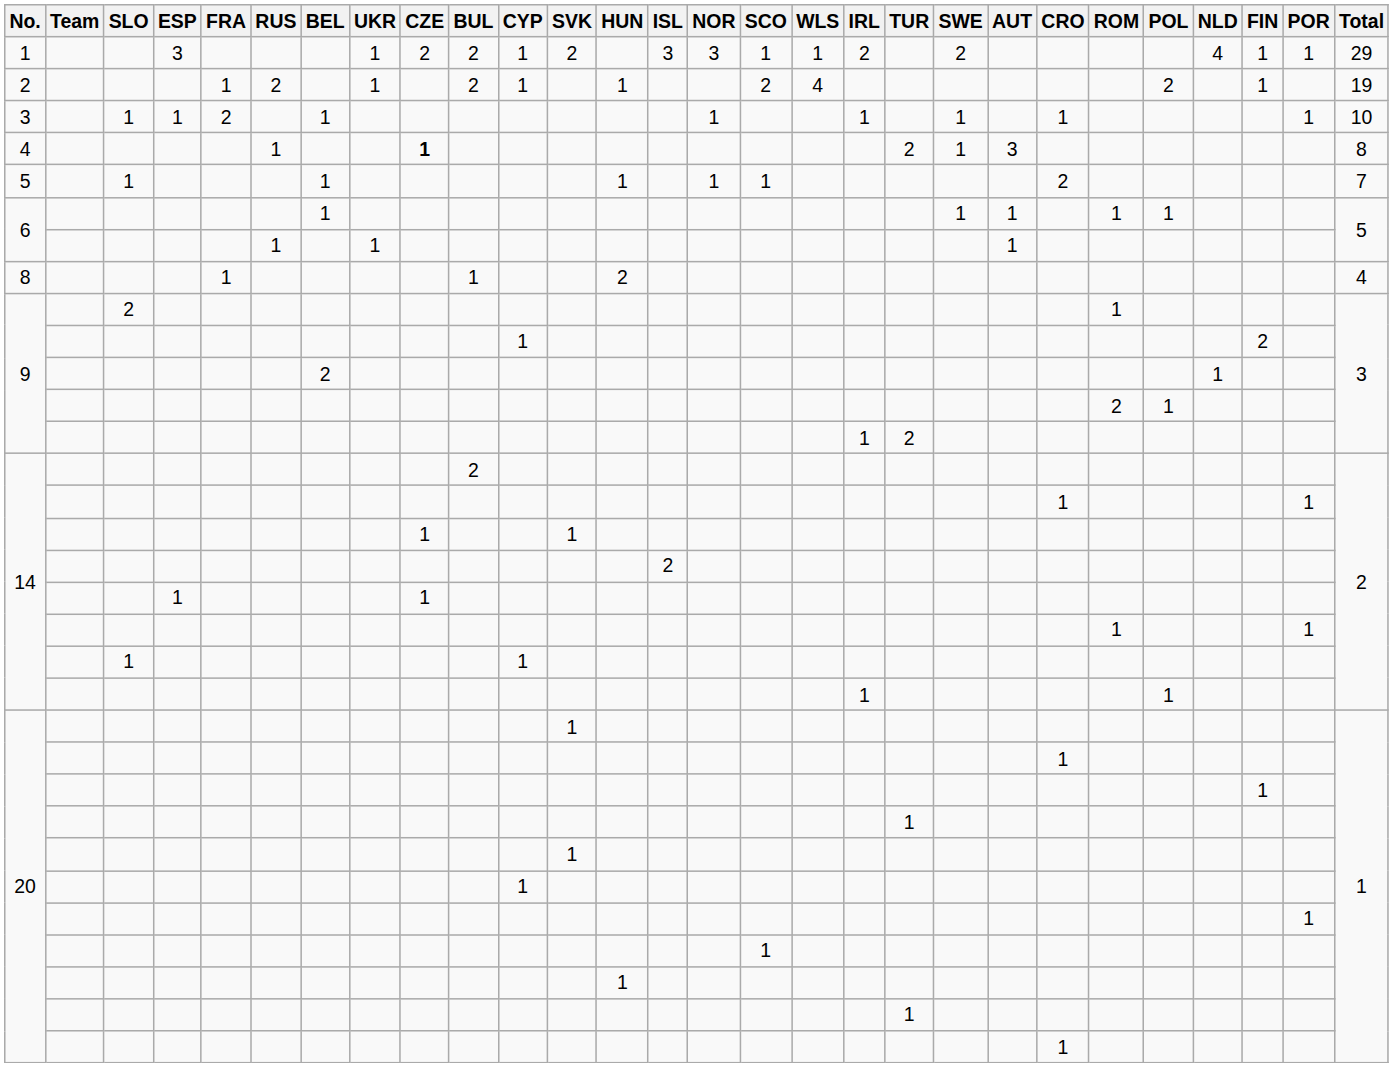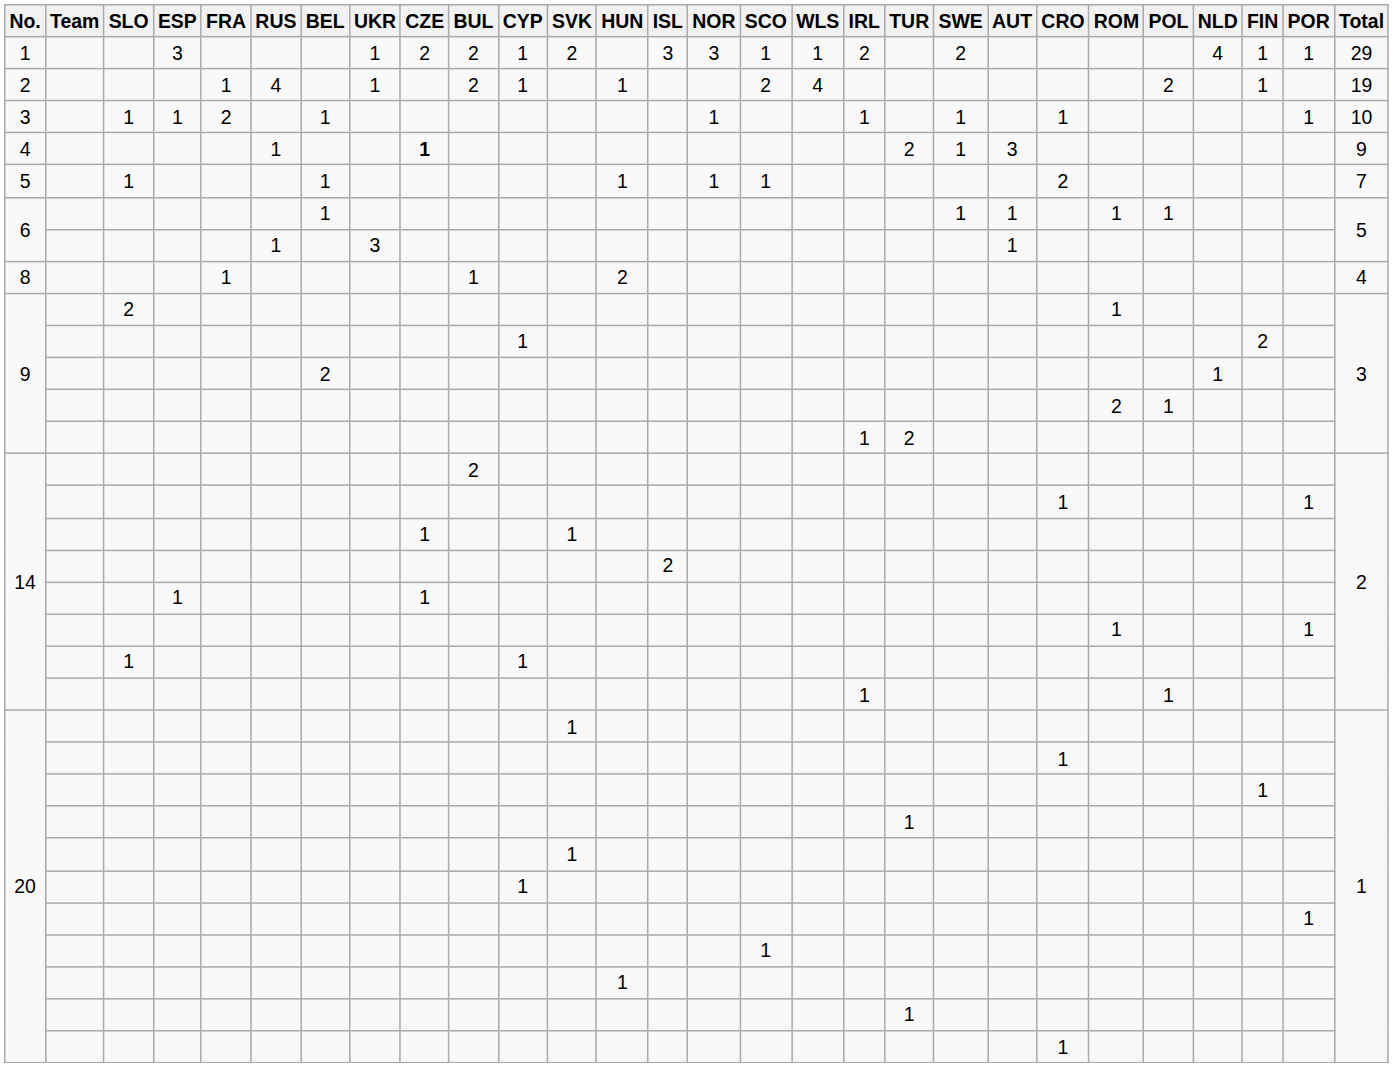 <table class=wikitable style="font-size:80%; text-align:center">
 <tr>
 <th>No.</th>
 <th>Team</th>
 <th>SLO</th>
 <th>ESP</th>
 <th>FRA</th>
 <th>RUS</th>
 <th>BEL</th>
 <th>UKR</th>
 <th>CZE</th>
 <th>BUL</th>
 <th>CYP</th>
 <th>SVK</th>
 <th>HUN</th>
 <th>ISL</th>
 <th>NOR</th>
 <th>SCO</th>
 <th>WLS</th>
 <th>IRL</th>
 <th>TUR</th>
 <th>SWE</th>
 <th>AUT</th>
 <th>CRO</th>
 <th>ROM</th>
 <th>POL</th>
 <th>NLD</th>
 <th>FIN</th>
 <th>POR</th>
 <th>Total</th>
 </tr>
 <tr>
 <td>1</td>
 <td align=left></td>
 <td></td>
 <td>3</td>
 <td></td>
 <td></td>
 <td></td>
 <td>1</td>
 <td>2</td>
 <td>2</td>
 <td>1</td>
 <td>2</td>
 <td></td>
 <td>3</td>
 <td>3</td>
 <td>1</td>
 <td>1</td>
 <td>2</td>
 <td></td>
 <td>2</td>
 <td></td>
 <td></td>
 <td></td>
 <td></td>
 <td>4</td>
 <td>1</td>
 <td>1</td>
 <td>29</td>
 </tr>
 <tr>
 <td>2</td>
 <td align=left></td>
 <td></td>
 <td></td>
 <td>1</td>
-<td>2</td>
+<td>4</td>
 <td></td>
 <td>1</td>
 <td></td>
 <td>2</td>
 <td>1</td>
 <td></td>
 <td>1</td>
 <td></td>
 <td></td>
 <td>2</td>
 <td>4</td>
 <td></td>
 <td></td>
 <td></td>
 <td></td>
 <td></td>
 <td></td>
 <td>2</td>
 <td></td>
 <td>1</td>
 <td></td>
 <td>19</td>
 </tr>
 <tr>
 <td>3</td>
 <td align=left></td>
 <td>1</td>
 <td>1</td>
 <td>2</td>
 <td></td>
 <td>1</td>
 <td></td>
 <td></td>
 <td></td>
 <td></td>
 <td></td>
 <td></td>
 <td></td>
 <td>1</td>
 <td></td>
 <td></td>
 <td>1</td>
 <td></td>
 <td>1</td>
 <td></td>
 <td>1</td>
 <td></td>
 <td></td>
 <td></td>
 <td></td>
 <td>1</td>
 <td>10</td>
 </tr>
 <tr>
 <td>4</td>
 <td align=left></td>
 <td></td>
 <td></td>
 <td></td>
 <td>1</td>
 <td></td>
 <td></td>
 <td><strong>1</strong></td>
 <td></td>
 <td></td>
 <td></td>
 <td></td>
 <td></td>
 <td></td>
 <td></td>
 <td></td>
 <td></td>
 <td>2</td>
 <td>1</td>
 <td>3</td>
 <td></td>
 <td></td>
 <td></td>
 <td></td>
 <td></td>
 <td></td>
-<td>8</td>
+<td>9</td>
 </tr>
 <tr>
 <td>5</td>
 <td align=left></td>
 <td>1</td>
 <td></td>
 <td></td>
 <td></td>
 <td>1</td>
 <td></td>
 <td></td>
 <td></td>
 <td></td>
 <td></td>
 <td>1</td>
 <td></td>
 <td>1</td>
 <td>1</td>
 <td></td>
 <td></td>
 <td></td>
 <td></td>
 <td></td>
 <td>2</td>
 <td></td>
 <td></td>
 <td></td>
 <td></td>
 <td></td>
 <td>7</td>
 </tr>
 <tr>
 <td rowspan=2>6</td>
 <td align=left></td>
 <td></td>
 <td></td>
 <td></td>
 <td></td>
 <td>1</td>
 <td></td>
 <td></td>
 <td></td>
 <td></td>
 <td></td>
 <td></td>
 <td></td>
 <td></td>
 <td></td>
 <td></td>
 <td></td>
 <td></td>
 <td>1</td>
 <td>1</td>
 <td></td>
 <td>1</td>
 <td>1</td>
 <td></td>
 <td></td>
 <td></td>
 <td rowspan=2>5</td>
 </tr>
 <tr>
 <td align=left></td>
 <td></td>
 <td></td>
 <td></td>
 <td>1</td>
 <td></td>
-<td>1</td>
+<td>3</td>
 <td></td>
 <td></td>
 <td></td>
 <td></td>
 <td></td>
 <td></td>
 <td></td>
 <td></td>
 <td></td>
 <td></td>
 <td></td>
 <td></td>
 <td>1</td>
 <td></td>
 <td></td>
 <td></td>
 <td></td>
 <td></td>
 <td></td>
 </tr>
 <tr>
 <td>8</td>
 <td align=left></td>
 <td></td>
 <td></td>
 <td>1</td>
 <td></td>
 <td></td>
 <td></td>
 <td></td>
 <td>1</td>
 <td></td>
 <td></td>
 <td>2</td>
 <td></td>
 <td></td>
 <td></td>
 <td></td>
 <td></td>
 <td></td>
 <td></td>
 <td></td>
 <td></td>
 <td></td>
 <td></td>
 <td></td>
 <td></td>
 <td></td>
 <td>4</td>
 </tr>
 <tr>
 <td rowspan=5>9</td>
 <td align=left></td>
 <td>2</td>
 <td></td>
 <td></td>
 <td></td>
 <td></td>
 <td></td>
 <td></td>
 <td></td>
 <td></td>
 <td></td>
 <td></td>
 <td></td>
 <td></td>
 <td></td>
 <td></td>
 <td></td>
 <td></td>
 <td></td>
 <td></td>
 <td></td>
 <td>1</td>
 <td></td>
 <td></td>
 <td></td>
 <td></td>
 <td rowspan=5>3</td>
 </tr>
 <tr>
 <td align=left></td>
 <td></td>
 <td></td>
 <td></td>
 <td></td>
 <td></td>
 <td></td>
 <td></td>
 <td></td>
 <td>1</td>
 <td></td>
 <td></td>
 <td></td>
 <td></td>
 <td></td>
 <td></td>
 <td></td>
 <td></td>
 <td></td>
 <td></td>
 <td></td>
 <td></td>
 <td></td>
 <td></td>
 <td>2</td>
 <td></td>
 </tr>
 <tr>
 <td align=left></td>
 <td></td>
 <td></td>
 <td></td>
 <td></td>
 <td>2</td>
 <td></td>
 <td></td>
 <td></td>
 <td></td>
 <td></td>
 <td></td>
 <td></td>
 <td></td>
 <td></td>
 <td></td>
 <td></td>
 <td></td>
 <td></td>
 <td></td>
 <td></td>
 <td></td>
 <td></td>
 <td>1</td>
 <td></td>
 <td></td>
 </tr>
 <tr>
 <td align=left></td>
 <td></td>
 <td></td>
 <td></td>
 <td></td>
 <td></td>
 <td></td>
 <td></td>
 <td></td>
 <td></td>
 <td></td>
 <td></td>
 <td></td>
 <td></td>
 <td></td>
 <td></td>
 <td></td>
 <td></td>
 <td></td>
 <td></td>
 <td></td>
 <td>2</td>
 <td>1</td>
 <td></td>
 <td></td>
 <td></td>
 </tr>
 <tr>
 <td align=left></td>
 <td></td>
 <td></td>
 <td></td>
 <td></td>
 <td></td>
 <td></td>
 <td></td>
 <td></td>
 <td></td>
 <td></td>
 <td></td>
 <td></td>
 <td></td>
 <td></td>
 <td></td>
 <td>1</td>
 <td>2</td>
 <td></td>
 <td></td>
 <td></td>
 <td></td>
 <td></td>
 <td></td>
 <td></td>
 <td></td>
 </tr>
 <tr>
 <td rowspan=8>14</td>
 <td align=left></td>
 <td></td>
 <td></td>
 <td></td>
 <td></td>
 <td></td>
 <td></td>
 <td></td>
 <td>2</td>
 <td></td>
 <td></td>
 <td></td>
 <td></td>
 <td></td>
 <td></td>
 <td></td>
 <td></td>
 <td></td>
 <td></td>
 <td></td>
 <td></td>
 <td></td>
 <td></td>
 <td></td>
 <td></td>
 <td></td>
 <td rowspan=8>2</td>
 </tr>
 <tr>
 <td align=left></td>
 <td></td>
 <td></td>
 <td></td>
 <td></td>
 <td></td>
 <td></td>
 <td></td>
 <td></td>
 <td></td>
 <td></td>
 <td></td>
 <td></td>
 <td></td>
 <td></td>
 <td></td>
 <td></td>
 <td></td>
 <td></td>
 <td></td>
 <td>1</td>
 <td></td>
 <td></td>
 <td></td>
 <td></td>
 <td>1</td>
 </tr>
 <tr>
 <td align=left></td>
 <td></td>
 <td></td>
 <td></td>
 <td></td>
 <td></td>
 <td></td>
 <td>1</td>
 <td></td>
 <td></td>
 <td>1</td>
 <td></td>
 <td></td>
 <td></td>
 <td></td>
 <td></td>
 <td></td>
 <td></td>
 <td></td>
 <td></td>
 <td></td>
 <td></td>
 <td></td>
 <td></td>
 <td></td>
 <td></td>
 </tr>
 <tr>
 <td align=left></td>
 <td></td>
 <td></td>
 <td></td>
 <td></td>
 <td></td>
 <td></td>
 <td></td>
 <td></td>
 <td></td>
 <td></td>
 <td></td>
 <td>2</td>
 <td></td>
 <td></td>
 <td></td>
 <td></td>
 <td></td>
 <td></td>
 <td></td>
 <td></td>
 <td></td>
 <td></td>
 <td></td>
 <td></td>
 <td></td>
 </tr>
 <tr>
 <td align=left></td>
 <td></td>
 <td>1</td>
 <td></td>
 <td></td>
 <td></td>
 <td></td>
 <td>1</td>
 <td></td>
 <td></td>
 <td></td>
 <td></td>
 <td></td>
 <td></td>
 <td></td>
 <td></td>
 <td></td>
 <td></td>
 <td></td>
 <td></td>
 <td></td>
 <td></td>
 <td></td>
 <td></td>
 <td></td>
 <td></td>
 </tr>
 <tr>
 <td align=left></td>
 <td></td>
 <td></td>
 <td></td>
 <td></td>
 <td></td>
 <td></td>
 <td></td>
 <td></td>
 <td></td>
 <td></td>
 <td></td>
 <td></td>
 <td></td>
 <td></td>
 <td></td>
 <td></td>
 <td></td>
 <td></td>
 <td></td>
 <td></td>
 <td>1</td>
 <td></td>
 <td></td>
 <td></td>
 <td>1</td>
 </tr>
 <tr>
 <td align=left></td>
 <td>1</td>
 <td></td>
 <td></td>
 <td></td>
 <td></td>
 <td></td>
 <td></td>
 <td></td>
 <td>1</td>
 <td></td>
 <td></td>
 <td></td>
 <td></td>
 <td></td>
 <td></td>
 <td></td>
 <td></td>
 <td></td>
 <td></td>
 <td></td>
 <td></td>
 <td></td>
 <td></td>
 <td></td>
 <td></td>
 </tr>
 <tr>
 <td align=left></td>
 <td></td>
 <td></td>
 <td></td>
 <td></td>
 <td></td>
 <td></td>
 <td></td>
 <td></td>
 <td></td>
 <td></td>
 <td></td>
 <td></td>
 <td></td>
 <td></td>
 <td></td>
 <td>1</td>
 <td></td>
 <td></td>
 <td></td>
 <td></td>
 <td></td>
 <td>1</td>
 <td></td>
 <td></td>
 <td></td>
 </tr>
 <tr>
 <td rowspan=11>20</td>
 <td align=left></td>
 <td></td>
 <td></td>
 <td></td>
 <td></td>
 <td></td>
 <td></td>
 <td></td>
 <td></td>
 <td></td>
 <td>1</td>
 <td></td>
 <td></td>
 <td></td>
 <td></td>
 <td></td>
 <td></td>
 <td></td>
 <td></td>
 <td></td>
 <td></td>
 <td></td>
 <td></td>
 <td></td>
 <td></td>
 <td></td>
 <td rowspan=11>1</td>
 </tr>
 <tr>
 <td align=left></td>
 <td></td>
 <td></td>
 <td></td>
 <td></td>
 <td></td>
 <td></td>
 <td></td>
 <td></td>
 <td></td>
 <td></td>
 <td></td>
 <td></td>
 <td></td>
 <td></td>
 <td></td>
 <td></td>
 <td></td>
 <td></td>
 <td></td>
 <td>1</td>
 <td></td>
 <td></td>
 <td></td>
 <td></td>
 </tr>
 <tr>
 <td align=left></td>
 <td></td>
 <td></td>
 <td></td>
 <td></td>
 <td></td>
 <td></td>
 <td></td>
 <td></td>
 <td></td>
 <td></td>
 <td></td>
 <td></td>
 <td></td>
 <td></td>
 <td></td>
 <td></td>
 <td></td>
 <td></td>
 <td></td>
 <td></td>
 <td></td>
 <td></td>
 <td></td>
 <td>1</td>
 <td></td>
 </tr>
 <tr>
 <td align=left></td>
 <td></td>
 <td></td>
 <td></td>
 <td></td>
 <td></td>
 <td></td>
 <td></td>
 <td></td>
 <td></td>
 <td></td>
 <td></td>
 <td></td>
 <td></td>
 <td></td>
 <td></td>
 <td></td>
 <td>1</td>
 <td></td>
 <td></td>
 <td></td>
 <td></td>
 <td></td>
 <td></td>
 <td></td>
 </tr>
 <tr>
 <td align=left></td>
 <td></td>
 <td></td>
 <td></td>
 <td></td>
 <td></td>
 <td></td>
 <td></td>
 <td></td>
 <td></td>
 <td>1</td>
 <td></td>
 <td></td>
 <td></td>
 <td></td>
 <td></td>
 <td></td>
 <td></td>
 <td></td>
 <td></td>
 <td></td>
 <td></td>
 <td></td>
 <td></td>
 <td></td>
 <td></td>
 </tr>
 <tr>
 <td align=left></td>
 <td></td>
 <td></td>
 <td></td>
 <td></td>
 <td></td>
 <td></td>
 <td></td>
 <td></td>
 <td>1</td>
 <td></td>
 <td></td>
 <td></td>
 <td></td>
 <td></td>
 <td></td>
 <td></td>
 <td></td>
 <td></td>
 <td></td>
 <td></td>
 <td></td>
 <td></td>
 <td></td>
 <td></td>
 <td></td>
 </tr>
 <tr>
 <td align=left></td>
 <td></td>
 <td></td>
 <td></td>
 <td></td>
 <td></td>
 <td></td>
 <td></td>
 <td></td>
 <td></td>
 <td></td>
 <td></td>
 <td></td>
 <td></td>
 <td></td>
 <td></td>
 <td></td>
 <td></td>
 <td></td>
 <td></td>
 <td></td>
 <td></td>
 <td></td>
 <td></td>
 <td></td>
 <td>1</td>
 </tr>
 <tr>
 <td align=left></td>
 <td></td>
 <td></td>
 <td></td>
 <td></td>
 <td></td>
 <td></td>
 <td></td>
 <td></td>
 <td></td>
 <td></td>
 <td></td>
 <td></td>
 <td></td>
 <td>1</td>
 <td></td>
 <td></td>
 <td></td>
 <td></td>
 <td></td>
 <td></td>
 <td></td>
 <td></td>
 <td></td>
 <td></td>
 <td></td>
 </tr>
 <tr>
 <td align=left></td>
 <td></td>
 <td></td>
 <td></td>
 <td></td>
 <td></td>
 <td></td>
 <td></td>
 <td></td>
 <td></td>
 <td></td>
 <td>1</td>
 <td></td>
 <td></td>
 <td></td>
 <td></td>
 <td></td>
 <td></td>
 <td></td>
 <td></td>
 <td></td>
 <td></td>
 <td></td>
 <td></td>
 <td></td>
 <td></td>
 </tr>
 <tr>
 <td align=left></td>
 <td></td>
 <td></td>
 <td></td>
 <td></td>
 <td></td>
 <td></td>
 <td></td>
 <td></td>
 <td></td>
 <td></td>
 <td></td>
 <td></td>
 <td></td>
 <td></td>
 <td></td>
 <td></td>
 <td>1</td>
 <td></td>
 <td></td>
 <td></td>
 <td></td>
 <td></td>
 <td></td>
 <td></td>
 <td></td>
 </tr>
 <tr>
 <td align=left></td>
 <td></td>
 <td></td>
 <td></td>
 <td></td>
 <td></td>
 <td></td>
 <td></td>
 <td></td>
 <td></td>
 <td></td>
 <td></td>
 <td></td>
 <td></td>
 <td></td>
 <td></td>
 <td></td>
 <td></td>
 <td></td>
 <td></td>
 <td>1</td>
 <td></td>
 <td></td>
 <td></td>
 <td></td>
 <td></td>
 </tr>
 </table>
